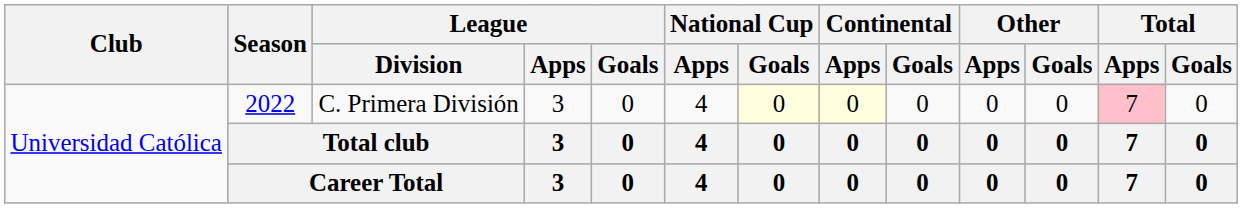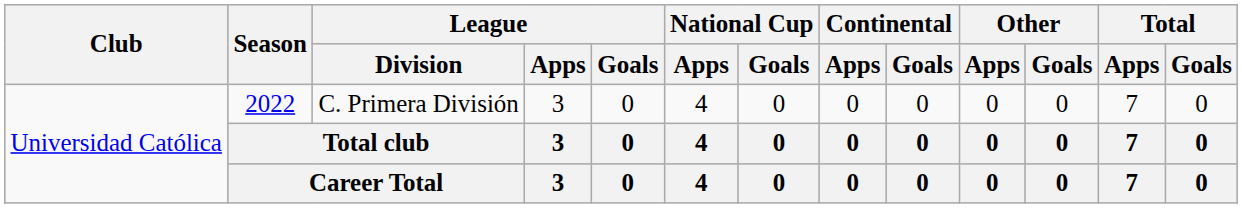 <table class="wikitable" style="text-align: center;">
 <tr>
 <th rowspan="2">Club</th>
 <th rowspan="2">Season</th>
 <th colspan="3">League</th>
 <th colspan="2">National Cup</th>
 <th colspan="2">Continental</th>
 <th colspan="2">Other</th>
 <th colspan="2">Total</th>
 </tr>
 <tr>
 <th>Division</th>
 <th>Apps</th>
 <th>Goals</th>
 <th>Apps</th>
 <th>Goals</th>
 <th>Apps</th>
 <th>Goals</th>
 <th>Apps</th>
 <th>Goals</th>
 <th>Apps</th>
 <th>Goals</th>
 </tr>
 <tr>
 <td rowspan="3"><a href='#'>Universidad Católica</a></td>
 <td><a href='#'>2022</a></td>
 <td>C. Primera División</td>
 <td>3</td>
 <td>0</td>
 <td>4</td>
-<td style="background: lightyellow;">0</td>
-<td style="background: lightyellow;">0</td>
 <td>0</td>
 <td>0</td>
 <td>0</td>
-<td style="background: pink;">7</td>
+<td>0</td>
+<td>0</td>
+<td>7</td>
 <td>0</td>
 </tr>
 <tr>
 <th colspan="2">Total club</th>
 <th>3</th>
 <th>0</th>
 <th>4</th>
 <th>0</th>
 <th>0</th>
 <th>0</th>
 <th>0</th>
 <th>0</th>
 <th>7</th>
 <th>0</th>
 </tr>
 <tr>
 <th colspan="2">Career Total</th>
 <th>3</th>
 <th>0</th>
 <th>4</th>
 <th>0</th>
 <th>0</th>
 <th>0</th>
 <th>0</th>
 <th>0</th>
 <th>7</th>
 <th>0</th>
 </tr>
 </table>
